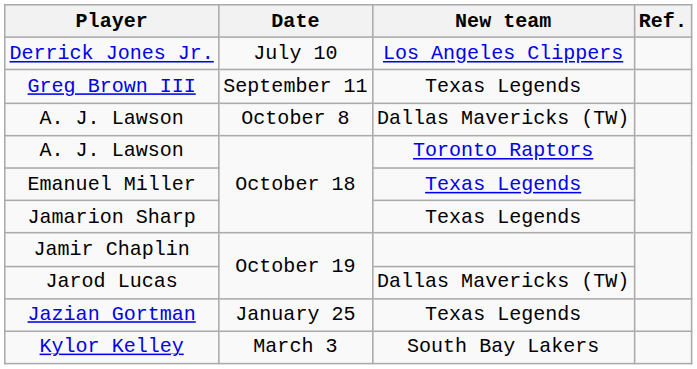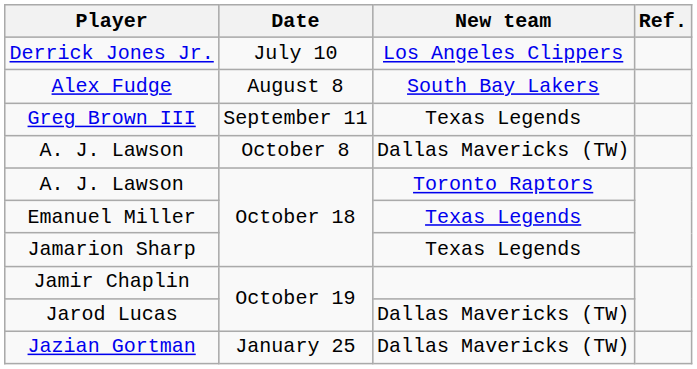 <table class="wikitable sortable sortable" style="text-align: center">
 <tr>
 <th>Player</th>
 <th>Date</th>
 <th>New team</th>
 <th>Ref.</th>
 </tr>
 <tr>
 <td><a href='#'>Derrick Jones Jr.</a></td>
 <td>July 10</td>
 <td><a href='#'>Los Angeles Clippers</a></td>
+<td></td>
+</tr>
+<tr>
+<td><a href='#'>Alex Fudge</a></td>
+<td>August 8</td>
+<td><a href='#'>South Bay Lakers</a></td>
 <td></td>
 </tr>
 <tr>
 <td><a href='#'>Greg Brown III</a></td>
 <td>September 11</td>
 <td>Texas Legends</td>
 <td></td>
 </tr>
 <tr>
 <td>A. J. Lawson</td>
 <td>October 8</td>
 <td>Dallas Mavericks (TW)</td>
 <td></td>
 </tr>
 <tr>
 <td>A. J. Lawson</td>
 <td rowspan=3>October 18</td>
 <td><a href='#'>Toronto Raptors</a></td>
 <td rowspan=3></td>
 </tr>
 <tr>
 <td>Emanuel Miller</td>
 <td><a href='#'>Texas Legends</a></td>
 </tr>
 <tr>
 <td>Jamarion Sharp</td>
 <td>Texas Legends</td>
 </tr>
 <tr>
 <td>Jamir Chaplin</td>
 <td rowspan=2>October 19</td>
 <td></td>
 <td rowspan=2></td>
 </tr>
 <tr>
 <td>Jarod Lucas</td>
 <td>Dallas Mavericks (TW)</td>
 </tr>
 <tr>
 <td><a href='#'>Jazian Gortman</a></td>
 <td>January 25</td>
-<td>Texas Legends</td>
-<td></td>
-</tr>
-<tr>
-<td><a href='#'>Kylor Kelley</a></td>
-<td>March 3</td>
-<td>South Bay Lakers</td>
+<td>Dallas Mavericks (TW)</td>
 <td></td>
 </tr>
 </table>
